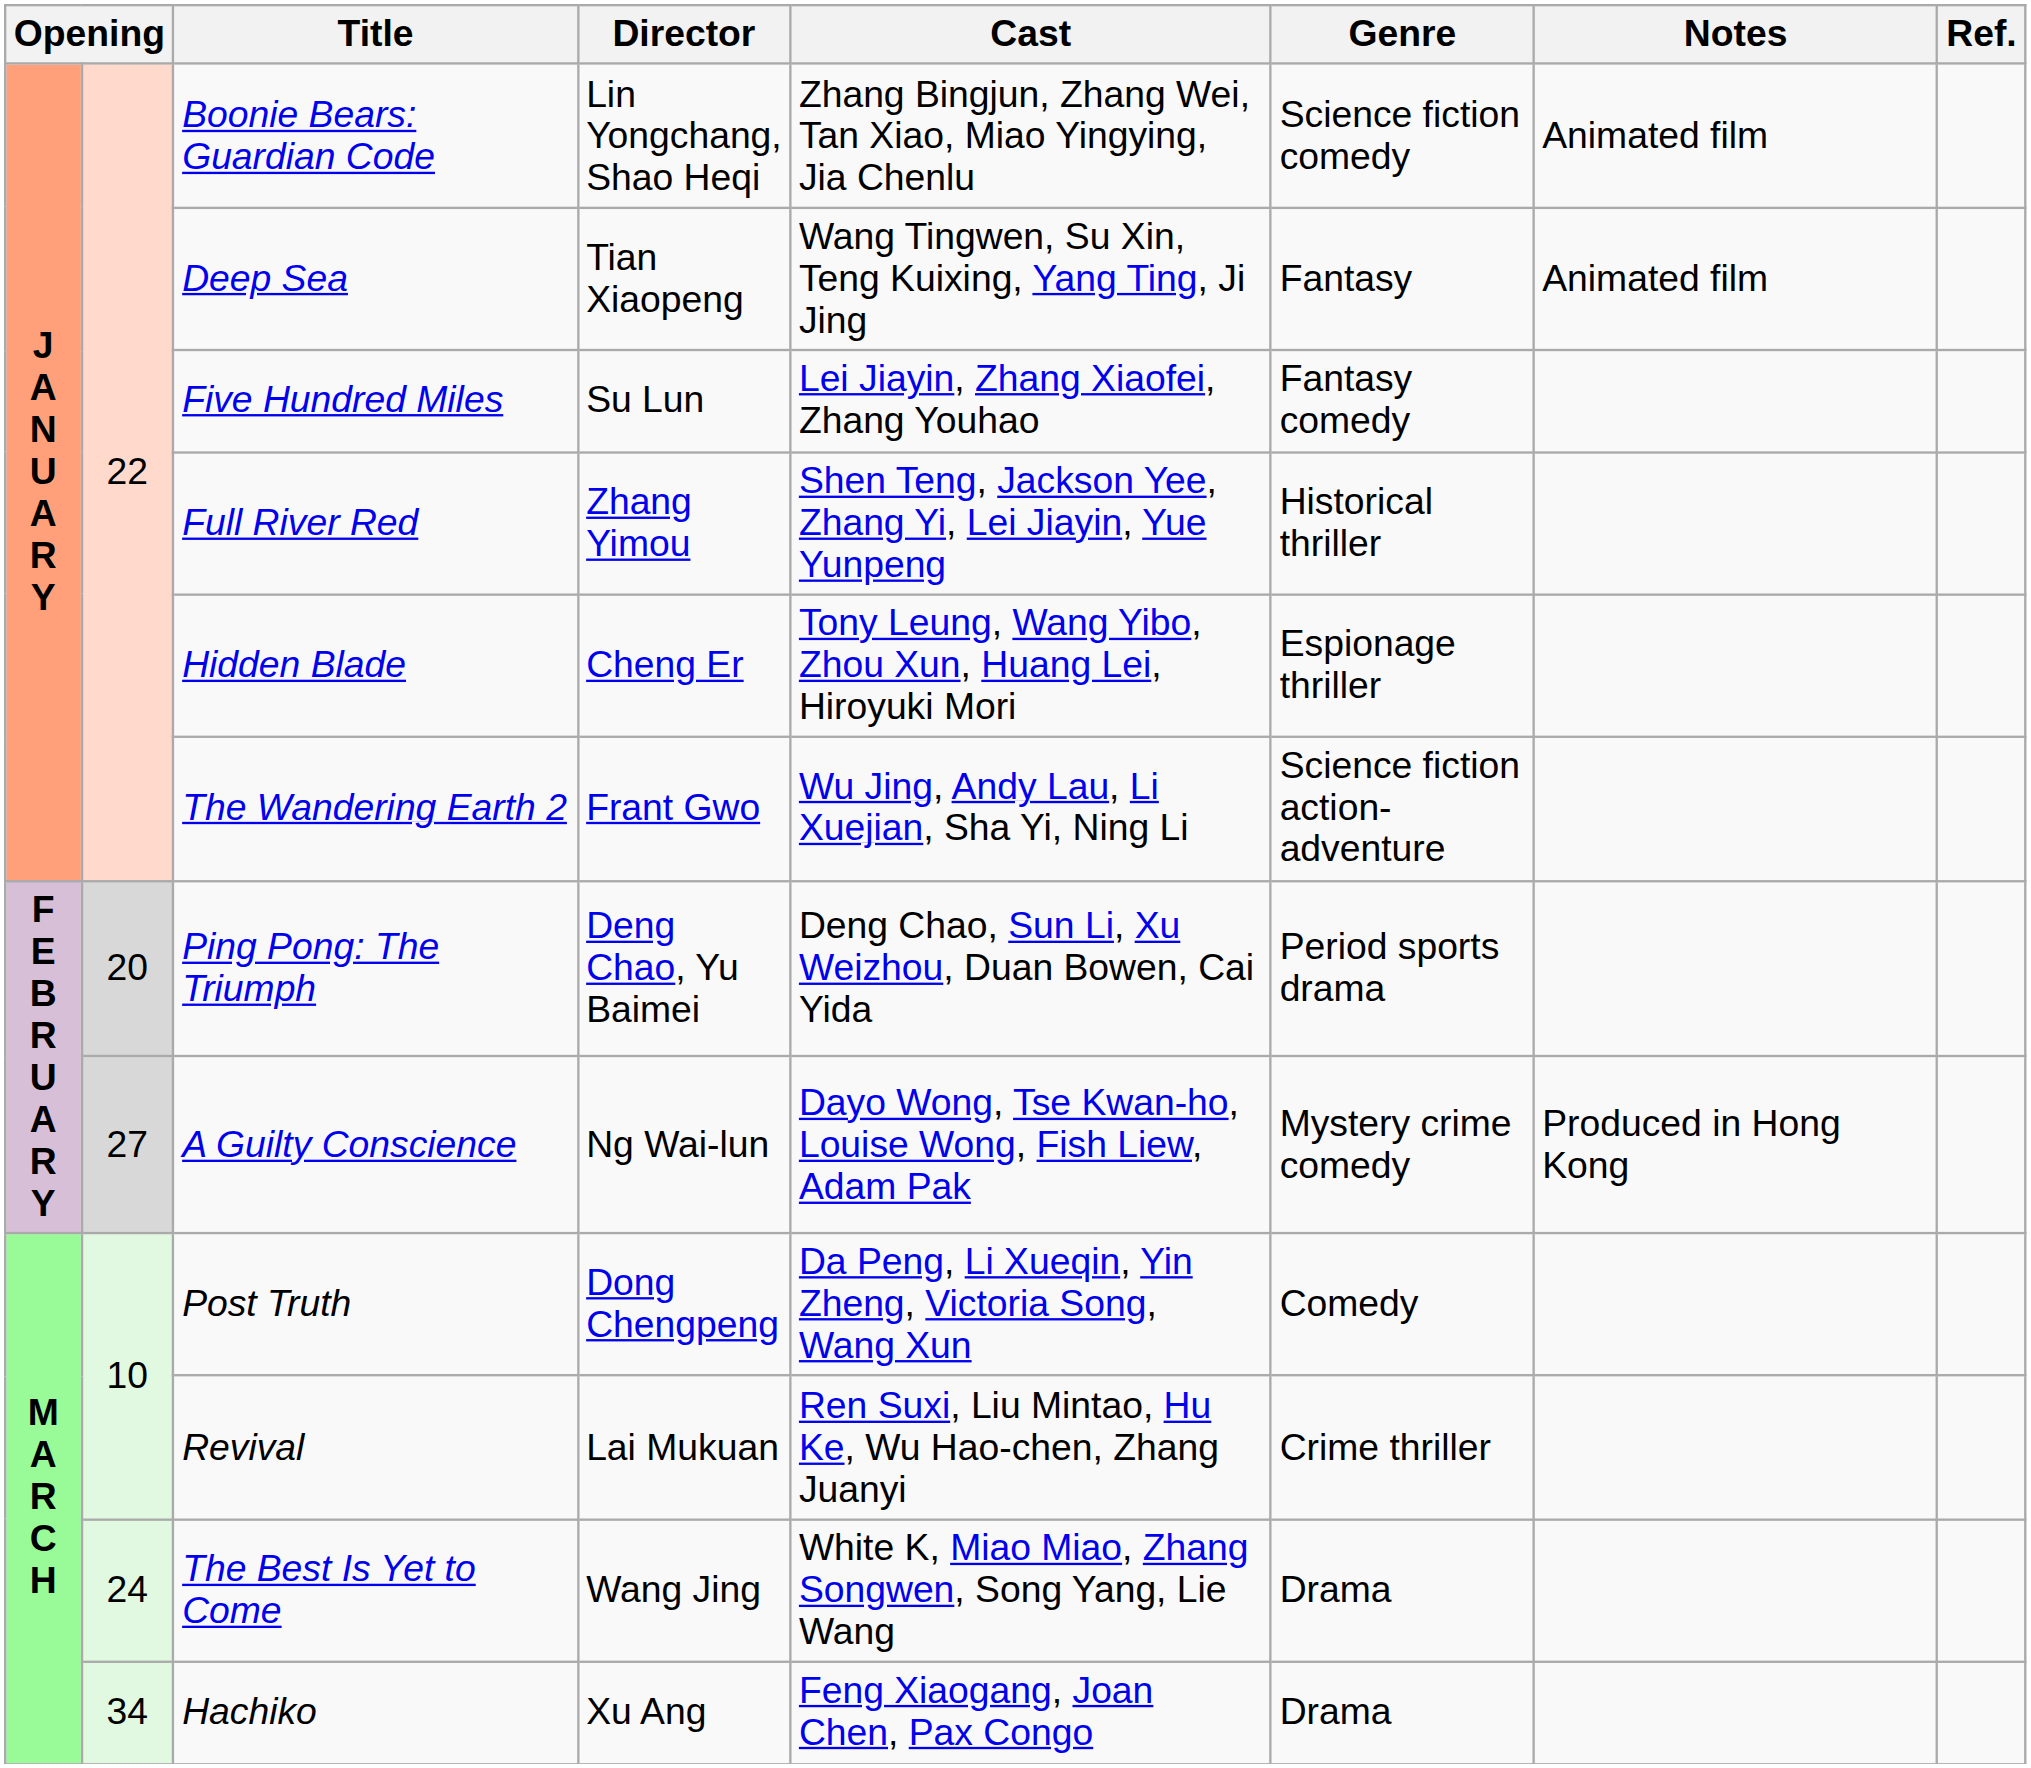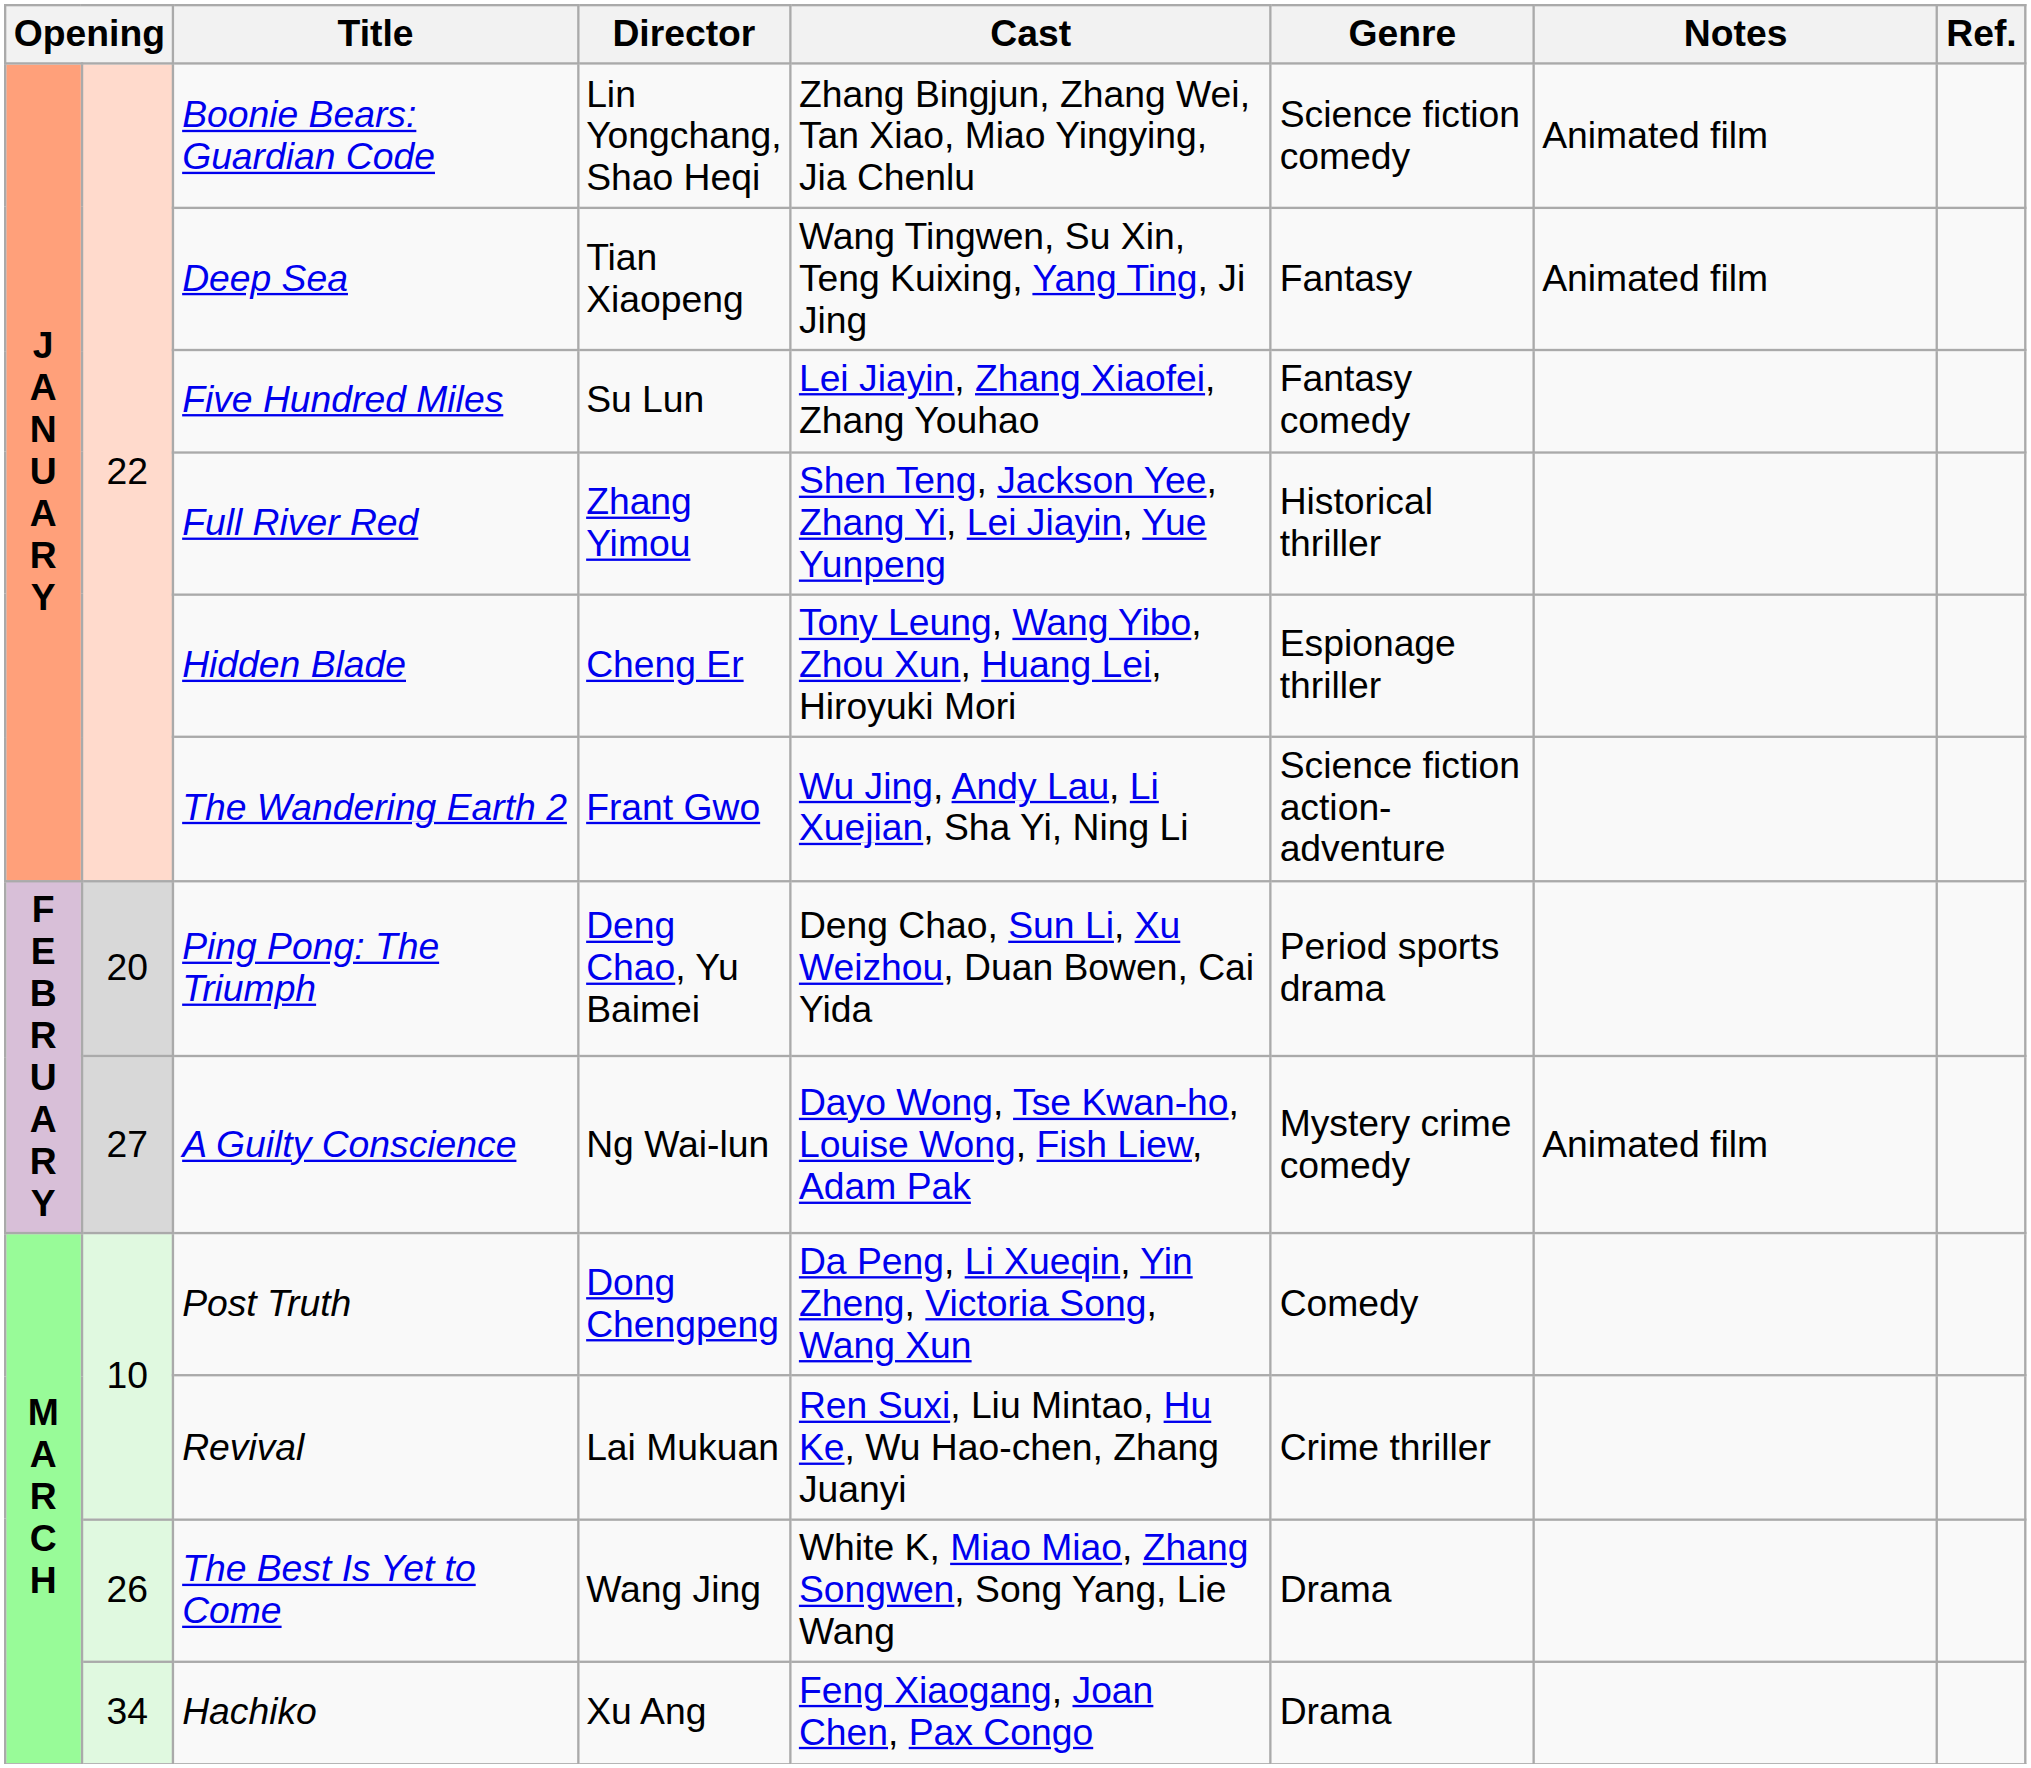 <table class="wikitable">
 <tr>
 <th colspan="2">Opening</th>
 <th style="width:20%;">Title</th>
 <th style="width:10%;">Director</th>
 <th>Cast</th>
 <th style="width:13%">Genre</th>
 <th style="width:20%">Notes</th>
 <th>Ref.</th>
 </tr>
 <tr>
 <th rowspan="6" style="text-align:center; background:#ffa07a; textcolor:#000;">J<br>A<br>N<br>U<br>A<br>R<br>Y</th>
 <td rowspan="6" style="text-align:center; background:#ffdacc; textcolor:#000;">22</td>
 <td><em><a href='#'>Boonie Bears: Guardian Code</a></em></td>
 <td>Lin Yongchang, Shao Heqi</td>
 <td>Zhang Bingjun, Zhang Wei, Tan Xiao, Miao Yingying, Jia Chenlu</td>
 <td>Science fiction comedy</td>
 <td>Animated film</td>
 <td style="text-align:center;"></td>
 </tr>
 <tr>
 <td><em><a href='#'>Deep Sea</a></em></td>
 <td>Tian Xiaopeng</td>
 <td>Wang Tingwen, Su Xin, Teng Kuixing, <a href='#'>Yang Ting</a>, Ji Jing</td>
 <td>Fantasy</td>
 <td>Animated film</td>
 <td style="text-align:center;"></td>
 </tr>
 <tr>
 <td><em><a href='#'>Five Hundred Miles</a></em></td>
 <td>Su Lun</td>
 <td><a href='#'>Lei Jiayin</a>, <a href='#'>Zhang Xiaofei</a>, Zhang Youhao</td>
 <td>Fantasy comedy</td>
 <td></td>
 <td style="text-align:center;"></td>
 </tr>
 <tr>
 <td><em><a href='#'>Full River Red</a></em></td>
 <td><a href='#'>Zhang Yimou</a></td>
 <td><a href='#'>Shen Teng</a>, <a href='#'>Jackson Yee</a>, <a href='#'>Zhang Yi</a>, <a href='#'>Lei Jiayin</a>, <a href='#'>Yue Yunpeng</a></td>
 <td>Historical thriller</td>
 <td></td>
 <td style="text-align:center;"></td>
 </tr>
 <tr>
 <td><em><a href='#'>Hidden Blade</a></em></td>
 <td><a href='#'>Cheng Er</a></td>
 <td><a href='#'>Tony Leung</a>, <a href='#'>Wang Yibo</a>, <a href='#'>Zhou Xun</a>, <a href='#'>Huang Lei</a>, Hiroyuki Mori</td>
 <td>Espionage thriller</td>
 <td></td>
 <td style="text-align:center;"></td>
 </tr>
 <tr>
 <td><em><a href='#'>The Wandering Earth 2</a></em></td>
 <td><a href='#'>Frant Gwo</a></td>
 <td><a href='#'>Wu Jing</a>, <a href='#'>Andy Lau</a>, <a href='#'>Li Xuejian</a>, Sha Yi, Ning Li</td>
 <td>Science fiction action-adventure</td>
 <td></td>
 <td style="text-align:center;"></td>
 </tr>
 <tr>
 <th rowspan="2" style="text-align:center; background:thistle; textcolor:#000;">F<br>E<br>B<br>R<br>U<br>A<br>R<br>Y</th>
 <td style="text-align:center; background:#d8d8d8; textcolor:#000;">20</td>
 <td><em><a href='#'>Ping Pong: The Triumph</a></em></td>
 <td><a href='#'>Deng Chao</a>, Yu Baimei</td>
 <td>Deng Chao, <a href='#'>Sun Li</a>, <a href='#'>Xu Weizhou</a>, Duan Bowen, Cai Yida</td>
 <td>Period sports drama</td>
 <td></td>
 <td style="text-align:center;"></td>
 </tr>
 <tr>
 <td style="text-align:center; background:#d8d8d8; textcolor:#000;">27</td>
 <td><em><a href='#'>A Guilty Conscience</a></em></td>
 <td>Ng Wai-lun</td>
 <td><a href='#'>Dayo Wong</a>, <a href='#'>Tse Kwan-ho</a>, <a href='#'>Louise Wong</a>, <a href='#'>Fish Liew</a>, <a href='#'>Adam Pak</a></td>
 <td>Mystery crime comedy</td>
-<td>Produced in Hong Kong</td>
+<td>Animated film</td>
 <td style="text-align:center;"></td>
 </tr>
 <tr>
 <th rowspan="4" style="text-align:center; background:#98fb98; textcolor:#000;">M<br>A<br>R<br>C<br>H</th>
 <td rowspan="2" style="text-align:center; background:#e0f9e0; textcolor:#000;">10</td>
 <td><em>Post Truth</em></td>
 <td><a href='#'>Dong Chengpeng</a></td>
 <td><a href='#'>Da Peng</a>, <a href='#'>Li Xueqin</a>, <a href='#'>Yin Zheng</a>, <a href='#'>Victoria Song</a>, <a href='#'>Wang Xun</a></td>
 <td>Comedy</td>
 <td></td>
 <td style="text-align:center;"></td>
 </tr>
 <tr>
 <td><em>Revival</em></td>
 <td>Lai Mukuan</td>
 <td><a href='#'>Ren Suxi</a>, Liu Mintao, <a href='#'>Hu Ke</a>, Wu Hao-chen, Zhang Juanyi</td>
 <td>Crime thriller</td>
 <td></td>
 <td style="text-align:center;"></td>
 </tr>
 <tr>
-<td style="text-align:center; background:#e0f9e0; textcolor:#000;">24</td>
+<td style="text-align:center; background:#e0f9e0; textcolor:#000;">26</td>
 <td><em><a href='#'>The Best Is Yet to Come</a></em></td>
 <td>Wang Jing</td>
 <td>White K, <a href='#'>Miao Miao</a>, <a href='#'>Zhang Songwen</a>, Song Yang, Lie Wang</td>
 <td>Drama</td>
 <td></td>
 <td style="text-align:center;"></td>
 </tr>
 <tr>
 <td style="text-align:center; background:#e0f9e0; textcolor:#000;">34</td>
 <td><em>Hachiko</em></td>
 <td>Xu Ang</td>
 <td><a href='#'>Feng Xiaogang</a>, <a href='#'>Joan Chen</a>, <a href='#'>Pax Congo</a></td>
 <td>Drama</td>
 <td></td>
 <td style="text-align:center;"></td>
 </tr>
 </table>
